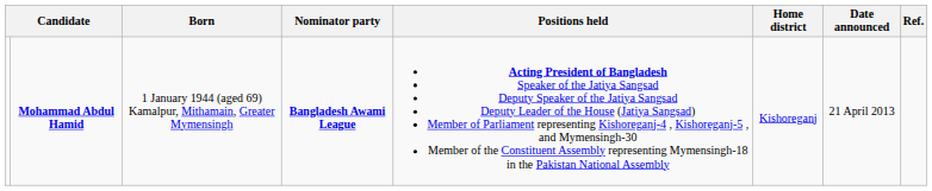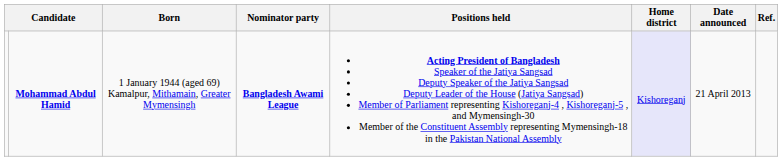 <table class="wikitable" style="text-align:center">
 <tr>
 <th colspan=2>Candidate</th>
 <th>Born</th>
 <th>Nominator party</th>
 <th>Positions held</th>
 <th>Home district</th>
 <th>Date announced</th>
 <th>Ref.</th>
 </tr>
 <tr>
 <td></td>
 <td><br><strong><a href='#'>Mohammad Abdul Hamid</a></strong></td>
 <td>1 January 1944 (aged 69) <br> Kamalpur, <a href='#'>Mithamain</a>, <a href='#'>Greater Mymensingh</a></td>
 <td><br><strong><a href='#'>Bangladesh Awami League</a></strong></td>
 <td><br><ul><li><strong><a href='#'>Acting President of Bangladesh</a> </strong></li><li><a href='#'>Speaker of the Jatiya Sangsad</a> </li><li><a href='#'>Deputy Speaker of the Jatiya Sangsad</a> </li><li><a href='#'>Deputy Leader of the House</a> (<a href='#'>Jatiya Sangsad</a>) </li><li><a href='#'>Member of Parliament</a> representing <a href='#'>Kishoreganj-4</a>  , <a href='#'>Kishoreganj-5</a> , and Mymensingh-30 </li><li>Member of the <a href='#'>Constituent Assembly</a> representing Mymensingh-18 in the <a href='#'>Pakistan National Assembly</a> </li></ul></td>
-<td><br><a href='#'>Kishoreganj</a></td>
+<td style="background: lavender;"><br><a href='#'>Kishoreganj</a></td>
 <td rowspan="2">21 April 2013</td>
 <td></td>
 </tr>
 </table>
